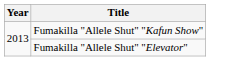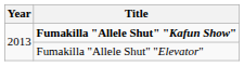 <table class="wikitable">
 <tr>
 <th>Year</th>
 <th>Title</th>
 </tr>
 <tr>
 <td rowspan="2">2013</td>
-<td>Fumakilla "Allele Shut" "<em>Kafun Show</em>"</td>
+<td><strong>Fumakilla "Allele Shut" "<em>Kafun Show</em>"</strong></td>
 </tr>
 <tr>
 <td>Fumakilla "Allele Shut" "<em>Elevator</em>"</td>
 </tr>
 </table>
